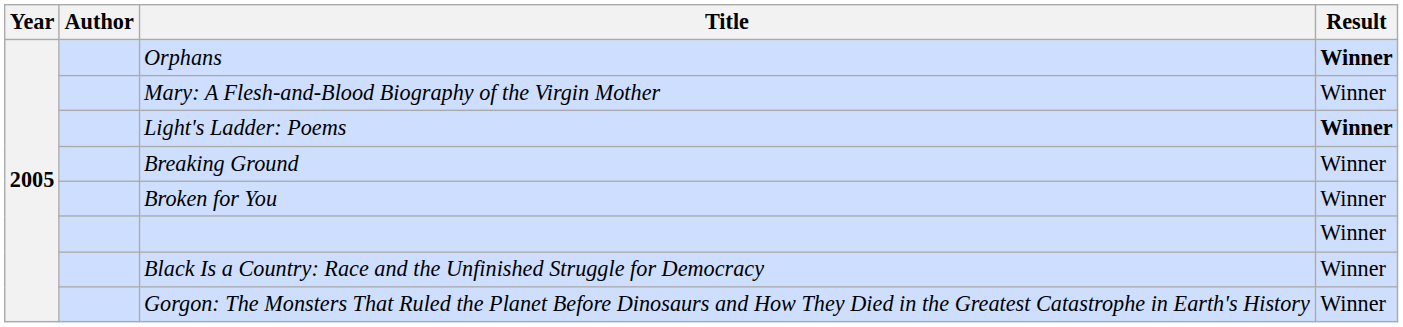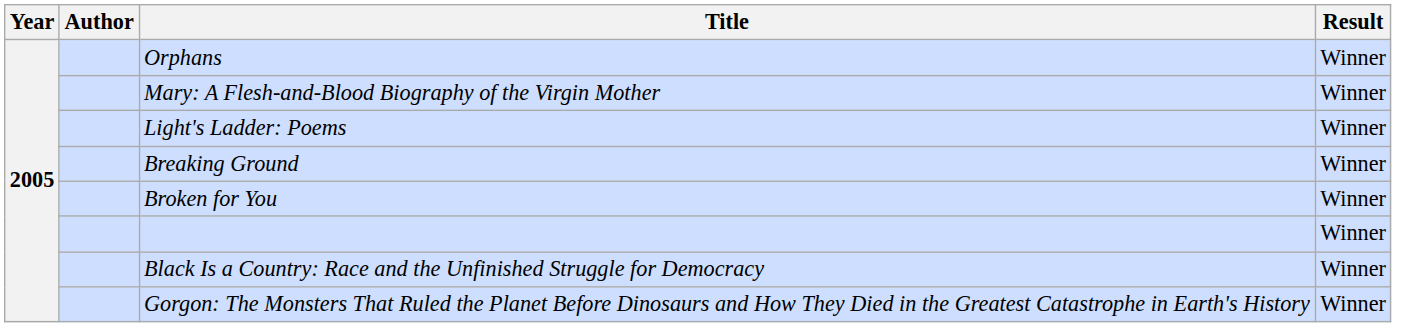 <table class="wikitable sortable mw-collapsible">
 <tr>
 <th>Year</th>
 <th>Author</th>
 <th>Title</th>
 <th>Result</th>
 </tr>
 <tr style="background:#cddeff">
 <th rowspan="8">2005</th>
 <td></td>
 <td><em>Orphans</em></td>
-<td><strong>Winner</strong></td>
+<td>Winner</td>
 </tr>
 <tr style="background:#cddeff">
 <td></td>
 <td><em>Mary: A Flesh-and-Blood Biography of the Virgin Mother</em></td>
 <td>Winner</td>
 </tr>
 <tr style="background:#cddeff">
 <td></td>
 <td><em>Light's Ladder: Poems</em></td>
-<td><strong>Winner</strong></td>
+<td>Winner</td>
 </tr>
 <tr style="background:#cddeff">
 <td></td>
 <td><em>Breaking Ground</em></td>
 <td>Winner</td>
 </tr>
 <tr style="background:#cddeff">
 <td></td>
 <td><em>Broken for You</em></td>
 <td>Winner</td>
 </tr>
 <tr style="background:#cddeff">
 <td></td>
 <td><em></em></td>
 <td>Winner</td>
 </tr>
 <tr style="background:#cddeff">
 <td></td>
 <td><em>Black Is a Country: Race and the Unfinished Struggle for Democracy</em></td>
 <td>Winner</td>
 </tr>
 <tr style="background:#cddeff">
 <td></td>
 <td><em>Gorgon: The Monsters That Ruled the Planet Before Dinosaurs and How They Died in the Greatest Catastrophe in Earth's History</em></td>
 <td>Winner</td>
 </tr>
 </table>
